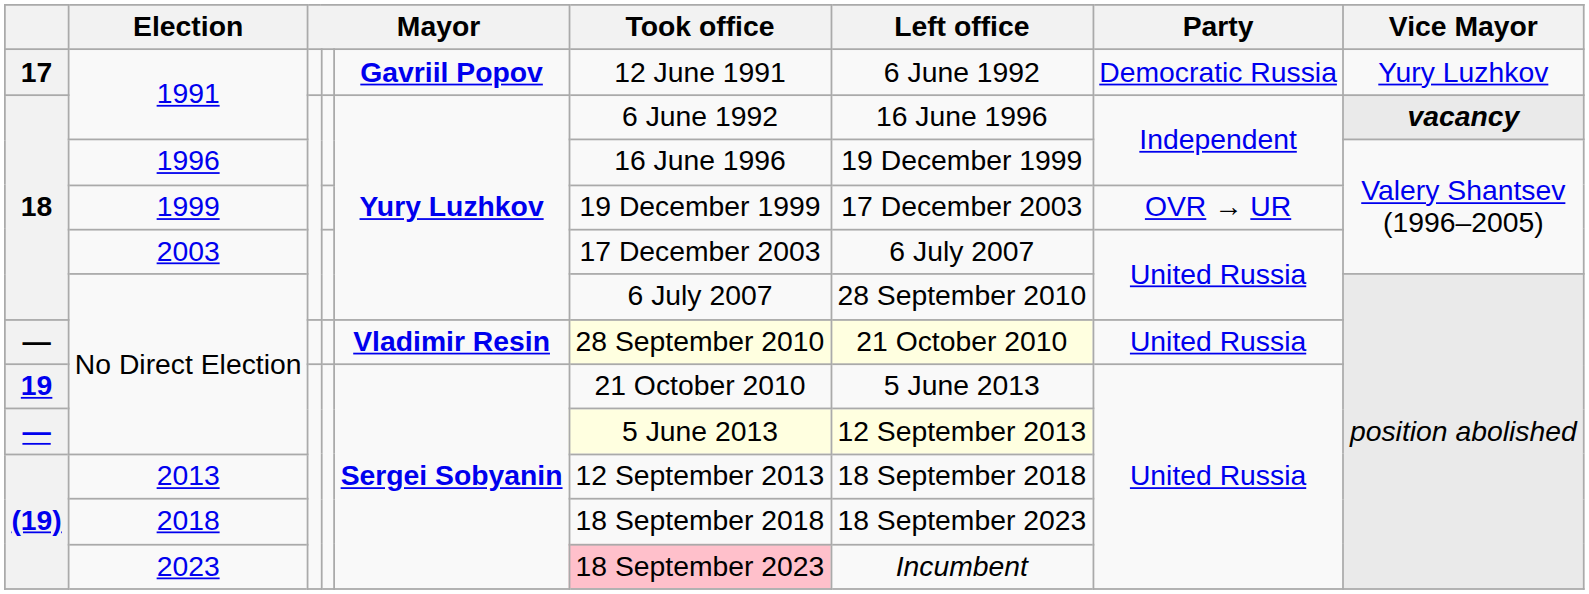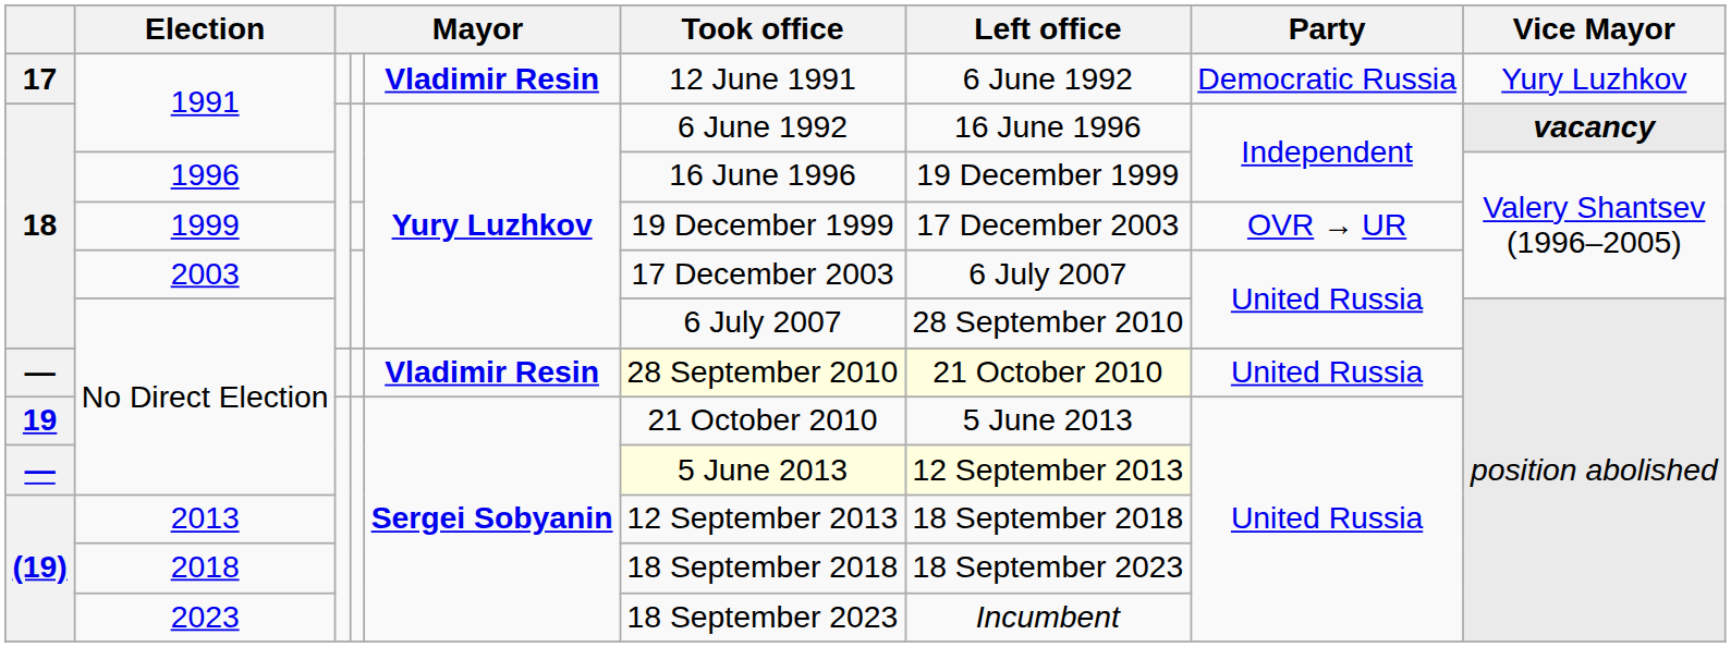 <table class="wikitable" style="text-align:center">
 <tr>
 <th></th>
 <th>Election</th>
 <th colspan=3>Mayor</th>
 <th>Took office</th>
 <th>Left office</th>
 <th>Party</th>
 <th>Vice Mayor</th>
 </tr>
 <tr>
 <th>17</th>
 <td rowspan=2><a href='#'>1991</a></td>
 <td></td>
 <td style="background:"></td>
-<td><strong><a href='#'>Gavriil Popov</a></strong></td>
+<td><strong><a href='#'>Vladimir Resin</a></strong><br></td>
 <td>12 June 1991</td>
 <td>6 June 1992</td>
 <td><a href='#'>Democratic Russia</a></td>
 <td><a href='#'>Yury Luzhkov</a></td>
 </tr>
 <tr>
 <th rowspan=5>18</th>
 <td rowspan=5></td>
 <td rowspan=2; style="background:"></td>
 <td rowspan=5><strong><a href='#'>Yury Luzhkov</a></strong></td>
 <td>6 June 1992</td>
 <td>16 June 1996</td>
 <td rowspan=2><a href='#'>Independent</a></td>
 <td style="background:#EAEAEA;"><strong><em>vacancy</em></strong></td>
 </tr>
 <tr>
 <td><a href='#'>1996</a></td>
 <td>16 June 1996</td>
 <td>19 December 1999</td>
 <td rowspan=3><a href='#'>Valery Shantsev</a><br>(1996–2005)</td>
 </tr>
 <tr>
 <td><a href='#'>1999</a></td>
 <td style="background:"></td>
 <td>19 December 1999</td>
 <td>17 December 2003</td>
 <td><a href='#'>OVR</a> → <a href='#'>UR</a></td>
 </tr>
 <tr>
 <td><a href='#'>2003</a></td>
 <td rowspan=2; style="background:"></td>
 <td>17 December 2003</td>
 <td>6 July 2007</td>
 <td rowspan=2><a href='#'>United Russia</a></td>
 </tr>
 <tr>
 <td rowspan="4">No Direct Election</td>
 <td>6 July 2007</td>
 <td>28 September 2010</td>
 <td rowspan=7; style="background:#EAEAEA;"><em>position abolished</em></td>
 </tr>
 <tr>
 <th>—</th>
 <td></td>
 <td style="background:"></td>
 <td><strong><a href='#'>Vladimir Resin</a></strong><br></td>
 <td style="background:lightyellow">28 September 2010</td>
 <td style="background:lightyellow">21 October 2010</td>
 <td><a href='#'>United Russia</a></td>
 </tr>
 <tr>
 <th><a href='#'>19</a></th>
 <td rowspan=5></td>
 <td rowspan=5; style="background:"></td>
 <td rowspan=5><strong><a href='#'>Sergei Sobyanin</a></strong></td>
 <td>21 October 2010</td>
 <td>5 June 2013</td>
 <td rowspan=5><a href='#'>United Russia</a></td>
 </tr>
 <tr>
 <th><a href='#'>—</a></th>
 <td style="background:lightyellow">5 June 2013</td>
 <td style="background:lightyellow">12 September 2013</td>
 </tr>
 <tr>
 <th rowspan="3"><a href='#'>(19)</a></th>
 <td><a href='#'>2013</a></td>
 <td>12 September 2013</td>
 <td>18 September 2018</td>
 </tr>
 <tr>
 <td><a href='#'>2018</a></td>
 <td>18 September 2018</td>
 <td>18 September 2023</td>
 </tr>
 <tr>
 <td><a href='#'>2023</a></td>
-<td style="background: pink;">18 September 2023</td>
+<td>18 September 2023</td>
 <td><em>Incumbent</em></td>
 </tr>
 </table>
